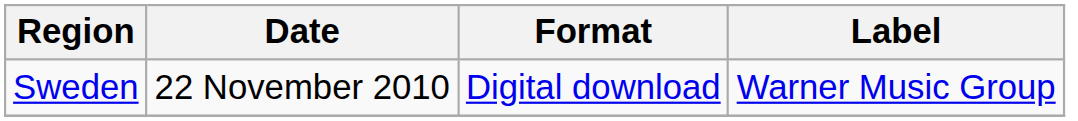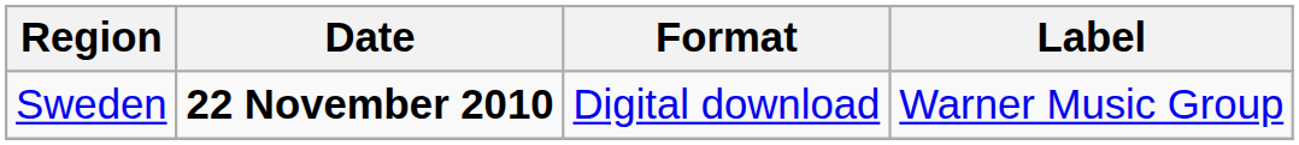 <table class=wikitable>
 <tr>
 <th>Region</th>
 <th>Date</th>
 <th>Format</th>
 <th>Label</th>
 </tr>
 <tr>
 <td><a href='#'>Sweden</a></td>
-<td>22 November 2010</td>
+<td><strong>22 November 2010</strong></td>
 <td><a href='#'>Digital download</a></td>
 <td><a href='#'>Warner Music Group</a></td>
 </tr>
 <tr>
 </tr>
 </table>
